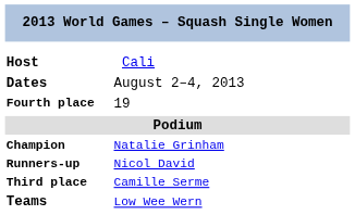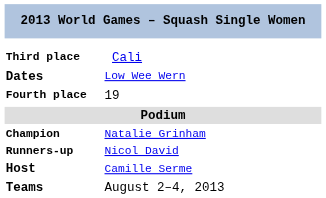 <table class="toccolours" style="float: right; margin: 0 0 1em 1em; font-size: 90%;" width=300px>
 <tr>
 <td colspan="2" style="background: #B0C4DE; text-align: center;" height=30px><strong>2013 World Games –  Squash Single Women</strong></td>
 </tr>
 <tr>
 <td colspan="2" style="text-align: center;"></td>
 </tr>
 <tr style="vertical-align:top;">
 <td colspan=2></td>
 </tr>
 <tr style="vertical-align:top;">
-<td><strong>Host</strong></td>
+<td style=font-size:90% width=100> <strong>Third place</strong></td>
 <td> <a href='#'>Cali</a></td>
 </tr>
 <tr style="vertical-align:top;">
 <td><strong>Dates</strong></td>
-<td>August 2–4, 2013</td>
+<td style=font-size:90% width=250> <a href='#'>Low Wee Wern</a></td>
 </tr>
 <tr style="vertical-align:top;">
 <td style=font-size:90% width=100><strong>Fourth place</strong></td>
 <td>19</td>
 </tr>
 <tr>
 <td colspan="2" style="background: #dedede; text-align: center;"><strong>Podium</strong></td>
 </tr>
 <tr style="vertical-align:top;">
 <td style=font-size:90% width=100> <strong>Champion</strong></td>
 <td style=font-size:90% width=250> <a href='#'>Natalie Grinham</a></td>
 </tr>
 <tr>
 <td style=font-size:90% width=100> <strong>Runners-up</strong></td>
 <td style=font-size:90% width=250> <a href='#'>Nicol David</a></td>
 </tr>
 <tr>
-<td style=font-size:90% width=100> <strong>Third place</strong></td>
+<td><strong>Host</strong></td>
 <td style=font-size:90% width=250> <a href='#'>Camille Serme</a></td>
 </tr>
 <tr>
 <td width=90><strong>Teams</strong></td>
-<td style=font-size:90% width=250> <a href='#'>Low Wee Wern</a></td>
+<td>August 2–4, 2013</td>
 </tr>
 </table>
